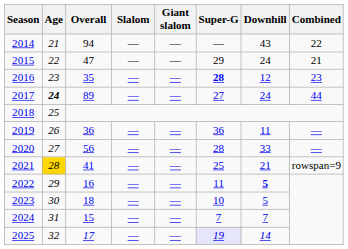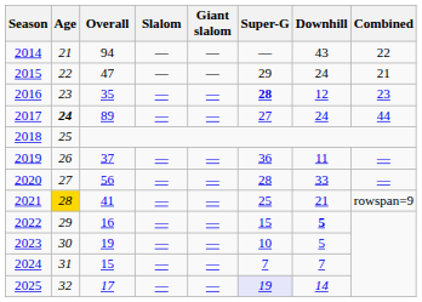 <table class=wikitable style="text-align:center">
 <tr>
 <th>Season</th>
 <th>Age</th>
 <th> Overall </th>
 <th> Slalom </th>
 <th>Giant<br> slalom </th>
 <th>Super-G</th>
 <th>Downhill</th>
 <th>Combined</th>
 </tr>
 <tr>
 <td><a href='#'>2014</a></td>
 <td><em>21</em></td>
 <td>94</td>
 <td>—</td>
 <td>—</td>
 <td>—</td>
 <td>43</td>
 <td>22</td>
 </tr>
 <tr>
 <td><a href='#'>2015</a></td>
 <td><em>22</em></td>
 <td>47</td>
 <td>—</td>
 <td>—</td>
 <td>29</td>
 <td>24</td>
 <td>21</td>
 </tr>
 <tr>
 <td><a href='#'>2016</a></td>
 <td><em>23</em></td>
 <td><a href='#'>35</a></td>
 <td><a href='#'>—</a></td>
 <td><a href='#'>—</a></td>
 <td><strong><a href='#'>28</a></strong></td>
 <td><a href='#'>12</a></td>
 <td><a href='#'>23</a></td>
 </tr>
 <tr>
 <td><a href='#'>2017</a></td>
 <td><strong><em>24</em></strong></td>
 <td><a href='#'>89</a></td>
 <td><a href='#'>—</a></td>
 <td><a href='#'>—</a></td>
 <td><a href='#'>27</a></td>
 <td><a href='#'>24</a></td>
 <td><a href='#'>44</a></td>
 </tr>
 <tr>
 <td><a href='#'>2018</a></td>
 <td><em>25</em></td>
 <td colspan=6><em></em></td>
 </tr>
 <tr>
 <td><a href='#'>2019</a></td>
 <td><em>26</em></td>
-<td><a href='#'>36</a></td>
+<td><a href='#'>37</a></td>
 <td><a href='#'>—</a></td>
 <td><a href='#'>—</a></td>
 <td><a href='#'>36</a></td>
 <td><a href='#'>11</a></td>
 <td><a href='#'>—</a></td>
 </tr>
 <tr>
 <td><a href='#'>2020</a></td>
 <td><em>27</em></td>
 <td><a href='#'>56</a></td>
 <td><a href='#'>—</a></td>
 <td><a href='#'>—</a></td>
 <td><a href='#'>28</a></td>
 <td><a href='#'>33</a></td>
 <td><a href='#'>—</a></td>
 </tr>
 <tr>
 <td><a href='#'>2021</a></td>
 <td style="background: gold;"><em>28</em></td>
 <td><a href='#'>41</a></td>
 <td><a href='#'>—</a></td>
 <td><a href='#'>—</a></td>
 <td><a href='#'>25</a></td>
 <td><a href='#'>21</a></td>
 <td>rowspan=9 </td>
 </tr>
 <tr>
 <td><a href='#'>2022</a></td>
 <td><em>29</em></td>
 <td><a href='#'>16</a></td>
 <td><a href='#'>—</a></td>
 <td><a href='#'>—</a></td>
-<td><a href='#'>11</a></td>
+<td><a href='#'>15</a></td>
 <td><strong><a href='#'>5</a></strong></td>
 </tr>
 <tr>
 <td><a href='#'>2023</a></td>
 <td><em>30</em></td>
-<td><a href='#'>18</a></td>
+<td><a href='#'>19</a></td>
 <td><a href='#'>—</a></td>
 <td><a href='#'>—</a></td>
 <td><a href='#'>10</a></td>
 <td><a href='#'>5</a></td>
 </tr>
 <tr>
 <td><a href='#'>2024</a></td>
 <td><em>31</em></td>
 <td><a href='#'>15</a></td>
 <td><a href='#'>—</a></td>
 <td><a href='#'>—</a></td>
 <td><a href='#'>7</a></td>
 <td><a href='#'>7</a></td>
 </tr>
 <tr>
 <td><a href='#'>2025</a></td>
 <td><em>32</em></td>
 <td><a href='#'><em>17</em></a></td>
 <td><a href='#'>—</a></td>
 <td><a href='#'>—</a></td>
 <td style="background: lavender;"><a href='#'><em>19</em></a></td>
 <td><a href='#'><em>14</em></a></td>
 </tr>
 </table>
